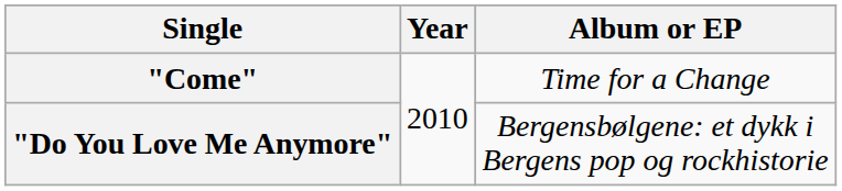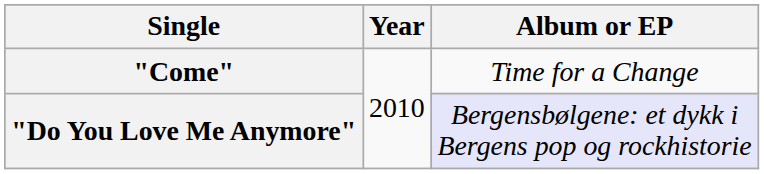 <table class="wikitable plainrowheaders" style="text-align:center;">
 <tr>
 <th scope="col">Single</th>
 <th scope="col">Year</th>
 <th scope="col">Album or EP</th>
 </tr>
 <tr>
 <th scope="row">"Come"</th>
 <td rowspan="2">2010</td>
 <td><em>Time for a Change</em></td>
 </tr>
 <tr>
 <th scope="row">"Do You Love Me Anymore"</th>
-<td><em>Bergensbølgene: et dykk i<br>Bergens pop og rockhistorie</em></td>
+<td style="background: lavender;"><em>Bergensbølgene: et dykk i<br>Bergens pop og rockhistorie</em></td>
 </tr>
 </table>
